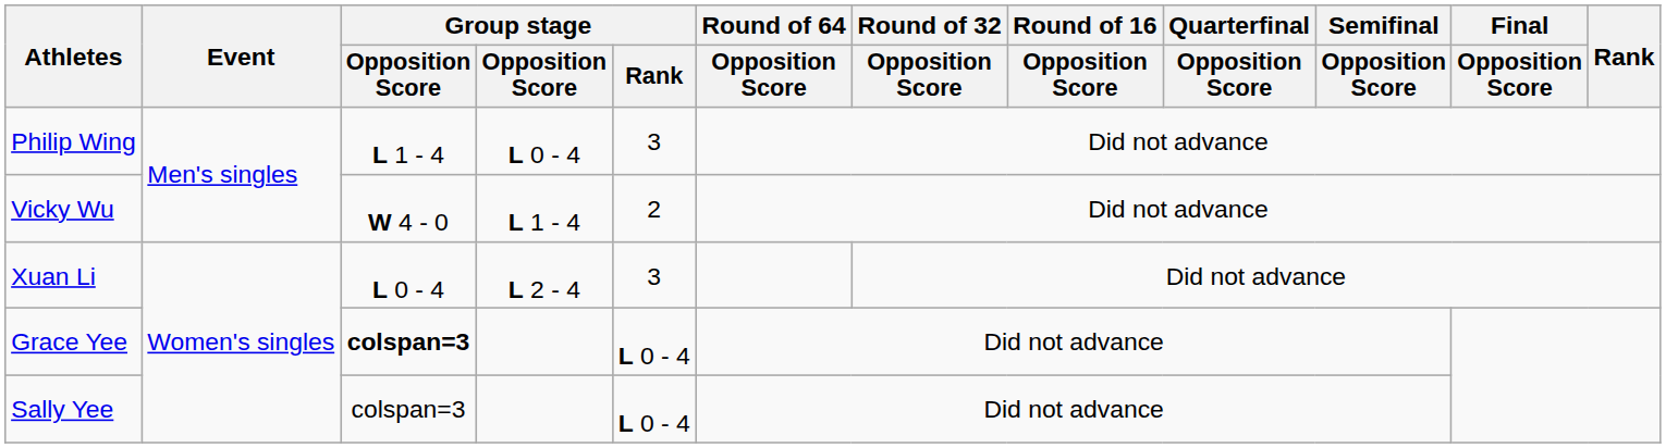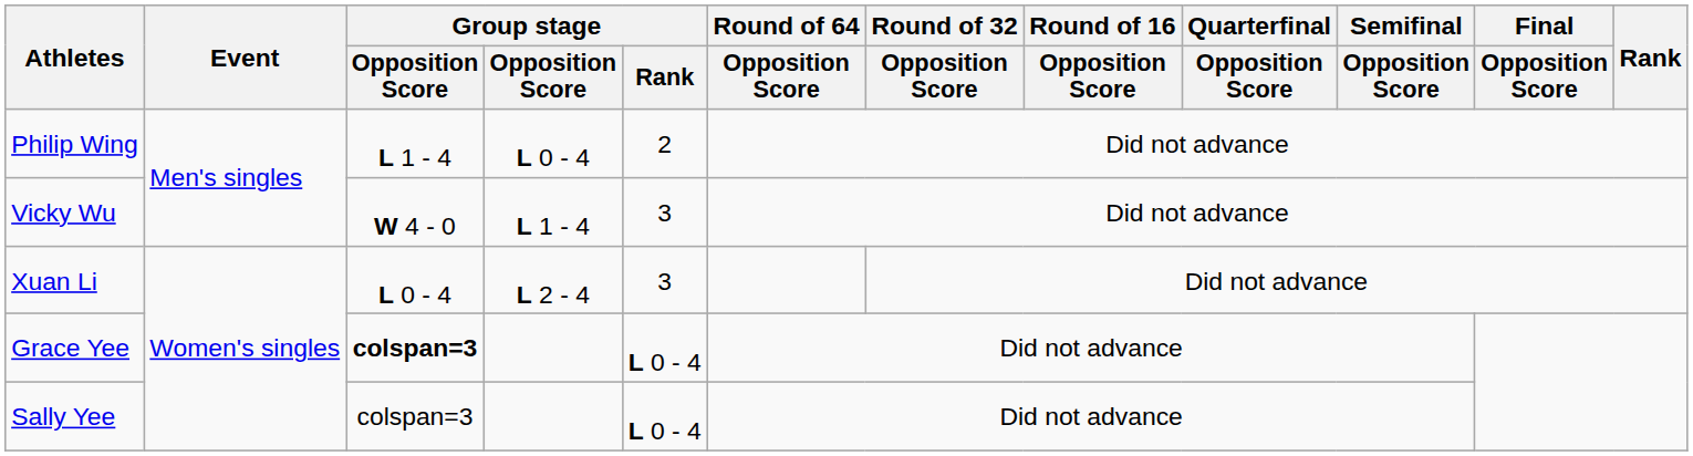 <table class="wikitable" style="font-size:90%">
 <tr>
 <th rowspan=2>Athletes</th>
 <th rowspan=2>Event</th>
 <th colspan=3>Group stage</th>
 <th>Round of 64</th>
 <th>Round of 32</th>
 <th>Round of 16</th>
 <th>Quarterfinal</th>
 <th>Semifinal</th>
 <th>Final</th>
 <th rowspan=2>Rank</th>
 </tr>
 <tr style="font-size:95%">
 <th>Opposition<br>Score</th>
 <th>Opposition<br>Score</th>
 <th>Rank</th>
 <th>Opposition<br>Score</th>
 <th>Opposition<br>Score</th>
 <th>Opposition<br>Score</th>
 <th>Opposition<br>Score</th>
 <th>Opposition<br>Score</th>
 <th>Opposition<br>Score</th>
 </tr>
 <tr align=center>
 <td align=left><a href='#'>Philip Wing</a></td>
 <td align=left rowspan=2><a href='#'>Men's singles</a></td>
 <td><br><strong>L</strong> 1 - 4</td>
 <td><br><strong>L</strong> 0 - 4</td>
-<td>3</td>
+<td>2</td>
 <td colspan=7>Did not advance</td>
 </tr>
 <tr align=center>
 <td align=left><a href='#'>Vicky Wu</a></td>
 <td><br><strong>W</strong> 4 - 0</td>
 <td><br><strong>L</strong> 1 - 4</td>
-<td>2</td>
+<td>3</td>
 <td colspan=7>Did not advance</td>
 </tr>
 <tr align=center>
 <td align=left><a href='#'>Xuan Li</a></td>
 <td align=left rowspan=3><a href='#'>Women's singles</a></td>
 <td><br><strong>L</strong> 0 - 4</td>
 <td><br><strong>L</strong> 2 - 4</td>
 <td>3</td>
 <td></td>
 <td colspan=6>Did not advance</td>
 </tr>
 <tr align=center>
 <td align=left><a href='#'>Grace Yee</a></td>
 <td><strong>colspan=3 </strong></td>
 <td></td>
 <td><br><strong>L</strong> 0 - 4</td>
 <td colspan=5>Did not advance</td>
 </tr>
 <tr align=center>
 <td align=left><a href='#'>Sally Yee</a></td>
 <td>colspan=3 </td>
 <td></td>
 <td><br><strong>L</strong> 0 - 4</td>
 <td colspan=5>Did not advance</td>
 </tr>
 </table>
